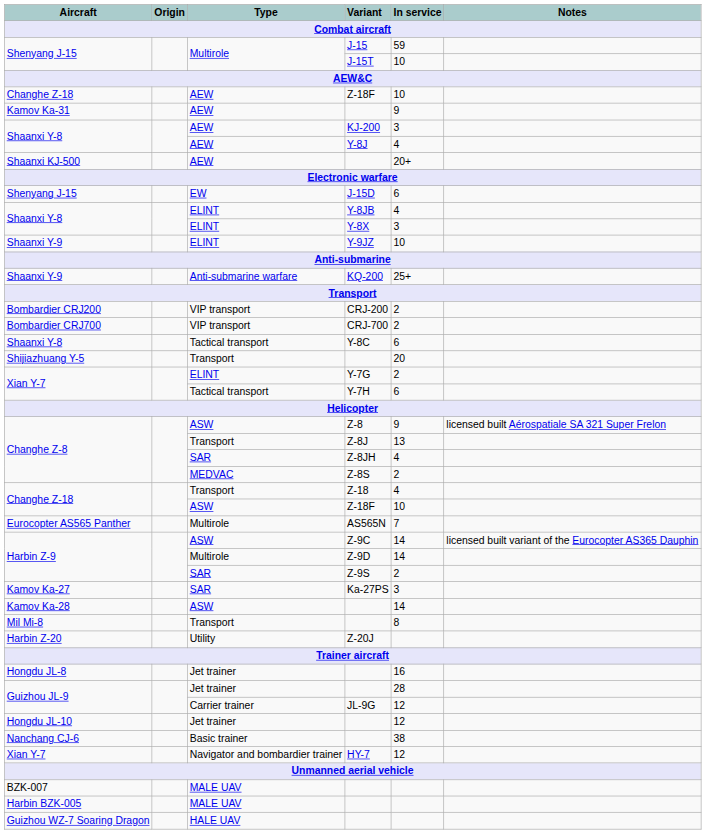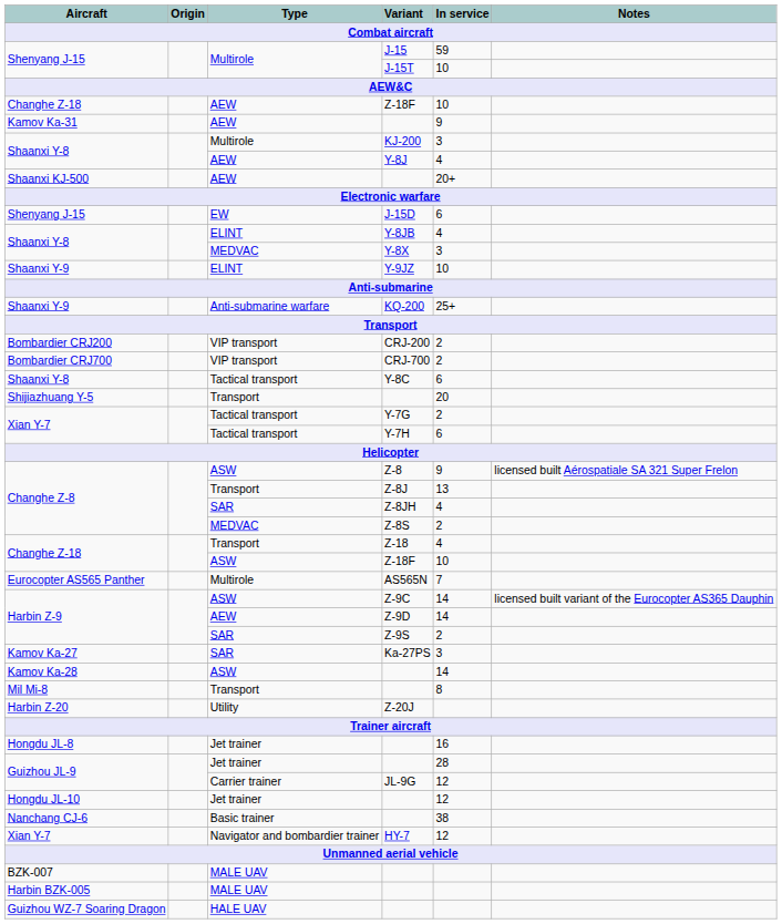 <table class="wikitable">
 <tr>
 <th style="text-align:center; background:#acc;">Aircraft</th>
 <th style="text-align: center; background:#acc;">Origin</th>
 <th style="text-align:l center; background:#acc;">Type</th>
 <th style="text-align:left; background:#acc;">Variant</th>
 <th style="text-align:center; background:#acc;">In service</th>
 <th style="text-align: center; background:#acc;">Notes</th>
 </tr>
 <tr>
 <th colspan="8" style="align: center; background: lavender;"><a href='#'>Combat aircraft</a></th>
 </tr>
 <tr>
 <td rowspan="2"><a href='#'>Shenyang J-15</a></td>
 <td rowspan="2"></td>
 <td rowspan="2"><a href='#'>Multirole</a></td>
 <td><a href='#'>J-15</a></td>
 <td>59</td>
 <td></td>
 </tr>
 <tr>
 <td><a href='#'>J-15T</a></td>
 <td>10</td>
 </tr>
 <tr>
 <th colspan="7" style="align: center; background: lavender;"><a href='#'>AEW&C</a></th>
 </tr>
 <tr>
 <td><a href='#'>Changhe Z-18</a></td>
 <td></td>
 <td><a href='#'>AEW</a></td>
 <td>Z-18F</td>
 <td>10</td>
 <td></td>
 </tr>
 <tr>
 <td><a href='#'>Kamov Ka-31</a></td>
 <td></td>
 <td><a href='#'>AEW</a></td>
 <td></td>
 <td>9</td>
 <td></td>
 </tr>
 <tr>
 <td rowspan="2"><a href='#'>Shaanxi Y-8</a></td>
 <td rowspan="2"></td>
-<td><a href='#'>AEW</a></td>
+<td>Multirole</td>
 <td><a href='#'>KJ-200</a></td>
 <td>3</td>
 <td></td>
 </tr>
 <tr>
 <td><a href='#'>AEW</a></td>
 <td><a href='#'>Y-8J</a></td>
 <td>4</td>
 <td></td>
 </tr>
 <tr>
 <td><a href='#'>Shaanxi KJ-500</a></td>
 <td></td>
 <td><a href='#'>AEW</a></td>
 <td></td>
 <td>20+</td>
 <td></td>
 </tr>
 <tr>
 <th colspan="7" style="align: center; background: lavender;"><a href='#'>Electronic warfare</a></th>
 </tr>
 <tr>
 <td><a href='#'>Shenyang J-15</a></td>
 <td></td>
 <td><a href='#'>EW</a></td>
 <td><a href='#'>J-15D</a></td>
 <td>6</td>
 <td></td>
 </tr>
 <tr>
 <td rowspan="2"><a href='#'>Shaanxi Y-8</a></td>
 <td rowspan="2"></td>
 <td><a href='#'>ELINT</a></td>
 <td><a href='#'>Y-8JB</a></td>
 <td>4</td>
 <td></td>
 </tr>
 <tr>
-<td><a href='#'>ELINT</a></td>
+<td><a href='#'>MEDVAC</a></td>
 <td><a href='#'>Y-8X</a></td>
 <td>3</td>
 <td></td>
 </tr>
 <tr>
 <td><a href='#'>Shaanxi Y-9</a></td>
 <td></td>
 <td><a href='#'>ELINT</a></td>
 <td><a href='#'>Y-9JZ</a></td>
 <td>10</td>
 <td></td>
 </tr>
 <tr>
 <th colspan="7" style="align: center; background: lavender;"><a href='#'>Anti-submarine</a></th>
 </tr>
 <tr>
 <td><a href='#'>Shaanxi Y-9</a></td>
 <td></td>
 <td><a href='#'>Anti-submarine warfare</a></td>
 <td><a href='#'>KQ-200</a></td>
 <td>25+</td>
 <td></td>
 </tr>
 <tr>
 <th colspan="7" style="align: center; background: lavender;"><a href='#'>Transport</a></th>
 </tr>
 <tr>
 <td><a href='#'>Bombardier CRJ200</a></td>
 <td></td>
 <td>VIP transport</td>
 <td>CRJ-200</td>
 <td>2</td>
 <td></td>
 </tr>
 <tr>
 <td><a href='#'>Bombardier CRJ700</a></td>
 <td></td>
 <td>VIP transport</td>
 <td>CRJ-700</td>
 <td>2</td>
 <td></td>
 </tr>
 <tr>
 <td><a href='#'>Shaanxi Y-8</a></td>
 <td></td>
 <td>Tactical transport</td>
 <td>Y-8C</td>
 <td>6</td>
 <td></td>
 </tr>
 <tr>
 <td><a href='#'>Shijiazhuang Y-5</a></td>
 <td></td>
 <td>Transport</td>
 <td></td>
 <td>20</td>
 <td></td>
 </tr>
 <tr>
 <td rowspan="2"><a href='#'>Xian Y-7</a></td>
 <td rowspan="2"></td>
-<td><a href='#'>ELINT</a></td>
+<td>Tactical transport</td>
 <td>Y-7G</td>
 <td>2</td>
 <td></td>
 </tr>
 <tr>
 <td>Tactical transport</td>
 <td>Y-7H</td>
 <td>6</td>
 <td></td>
 </tr>
 <tr>
 <th colspan="7" style="align: center; background: lavender;"><a href='#'>Helicopter</a></th>
 </tr>
 <tr>
 <td rowspan="4"><a href='#'>Changhe Z-8</a></td>
 <td rowspan="4"></td>
 <td><a href='#'>ASW</a></td>
 <td>Z-8</td>
 <td>9</td>
 <td>licensed built <a href='#'>Aérospatiale SA 321 Super Frelon</a></td>
 </tr>
 <tr>
 <td>Transport</td>
 <td>Z-8J</td>
 <td>13</td>
 <td></td>
 </tr>
 <tr>
 <td><a href='#'>SAR</a></td>
 <td>Z-8JH</td>
 <td>4</td>
 <td></td>
 </tr>
 <tr>
 <td><a href='#'>MEDVAC</a></td>
 <td>Z-8S</td>
 <td>2</td>
 <td></td>
 </tr>
 <tr>
 <td rowspan="2"><a href='#'>Changhe Z-18</a></td>
 <td rowspan="2"></td>
 <td>Transport</td>
 <td>Z-18</td>
 <td>4</td>
 <td></td>
 </tr>
 <tr>
 <td><a href='#'>ASW</a></td>
 <td>Z-18F</td>
 <td>10</td>
 <td></td>
 </tr>
 <tr>
 <td><a href='#'>Eurocopter AS565 Panther</a></td>
 <td></td>
 <td>Multirole</td>
 <td>AS565N</td>
 <td>7</td>
 <td></td>
 </tr>
 <tr>
 <td rowspan="3"><a href='#'>Harbin Z-9</a></td>
 <td rowspan="3"></td>
 <td><a href='#'>ASW</a></td>
 <td>Z-9C</td>
 <td>14</td>
 <td>licensed built variant of the <a href='#'>Eurocopter AS365 Dauphin</a></td>
 </tr>
 <tr>
-<td>Multirole</td>
+<td><a href='#'>AEW</a></td>
 <td>Z-9D</td>
 <td>14</td>
 <td></td>
 </tr>
 <tr>
 <td><a href='#'>SAR</a></td>
 <td>Z-9S</td>
 <td>2</td>
 <td></td>
 </tr>
 <tr>
 <td><a href='#'>Kamov Ka-27</a></td>
 <td></td>
 <td><a href='#'>SAR</a></td>
 <td>Ka-27PS</td>
 <td>3</td>
 <td></td>
 </tr>
 <tr>
 <td><a href='#'>Kamov Ka-28</a></td>
 <td></td>
 <td><a href='#'>ASW</a></td>
 <td></td>
 <td>14</td>
 <td></td>
 </tr>
 <tr>
 <td><a href='#'>Mil Mi-8</a></td>
 <td></td>
 <td>Transport</td>
 <td></td>
 <td>8</td>
 <td></td>
 </tr>
 <tr>
 <td><a href='#'>Harbin Z-20</a></td>
 <td></td>
 <td>Utility</td>
 <td>Z-20J</td>
 <td></td>
 <td></td>
 </tr>
 <tr>
 <th colspan="7" style="align: center; background: lavender;"><a href='#'>Trainer aircraft</a></th>
 </tr>
 <tr>
 <td><a href='#'>Hongdu JL-8</a></td>
 <td></td>
 <td>Jet trainer</td>
 <td></td>
 <td>16</td>
 <td></td>
 </tr>
 <tr>
 <td rowspan="2"><a href='#'>Guizhou JL-9</a></td>
 <td rowspan="2"></td>
 <td>Jet trainer</td>
 <td></td>
 <td>28</td>
 <td></td>
 </tr>
 <tr>
 <td>Carrier trainer</td>
 <td>JL-9G</td>
 <td>12</td>
 <td></td>
 </tr>
 <tr>
 <td><a href='#'>Hongdu JL-10</a></td>
 <td></td>
 <td>Jet trainer</td>
 <td></td>
 <td>12</td>
 <td></td>
 </tr>
 <tr>
 <td><a href='#'>Nanchang CJ-6</a></td>
 <td></td>
 <td>Basic trainer</td>
 <td></td>
 <td>38</td>
 <td></td>
 </tr>
 <tr>
 <td><a href='#'>Xian Y-7</a></td>
 <td></td>
 <td>Navigator and bombardier trainer</td>
 <td><a href='#'>HY-7</a></td>
 <td>12</td>
 <td></td>
 </tr>
 <tr>
 <th colspan="7" style="align: center; background: lavender;"><a href='#'>Unmanned aerial vehicle</a></th>
 </tr>
 <tr>
 <td>BZK-007</td>
 <td></td>
 <td><a href='#'>MALE UAV</a></td>
 <td></td>
 <td></td>
 <td></td>
 </tr>
 <tr>
 <td><a href='#'>Harbin BZK-005</a></td>
 <td></td>
 <td><a href='#'>MALE UAV</a></td>
 <td></td>
 <td></td>
 <td></td>
 </tr>
 <tr>
 <td><a href='#'>Guizhou WZ-7 Soaring Dragon</a></td>
 <td></td>
 <td><a href='#'>HALE UAV</a></td>
 <td></td>
 <td></td>
 <td></td>
 </tr>
 </table>
